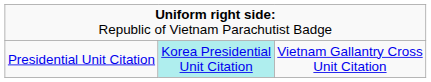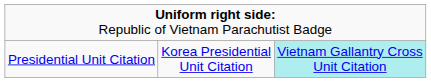 <table class="wikitable" style="margin-left: auto; margin-right: auto; text-align: center;">
 <tr>
 <td colspan="12"><strong>Uniform right side:</strong><br>Republic of Vietnam Parachutist Badge</td>
 </tr>
 <tr>
 <td><a href='#'>Presidential Unit Citation</a></td>
-<td style="background: paleturquoise;"><a href='#'>Korea Presidential<br>Unit Citation</a></td>
-<td><a href='#'>Vietnam Gallantry Cross<br>Unit Citation</a></td>
+<td><a href='#'>Korea Presidential<br>Unit Citation</a></td>
+<td style="background: paleturquoise;"><a href='#'>Vietnam Gallantry Cross<br>Unit Citation</a></td>
 </tr>
 </table>
